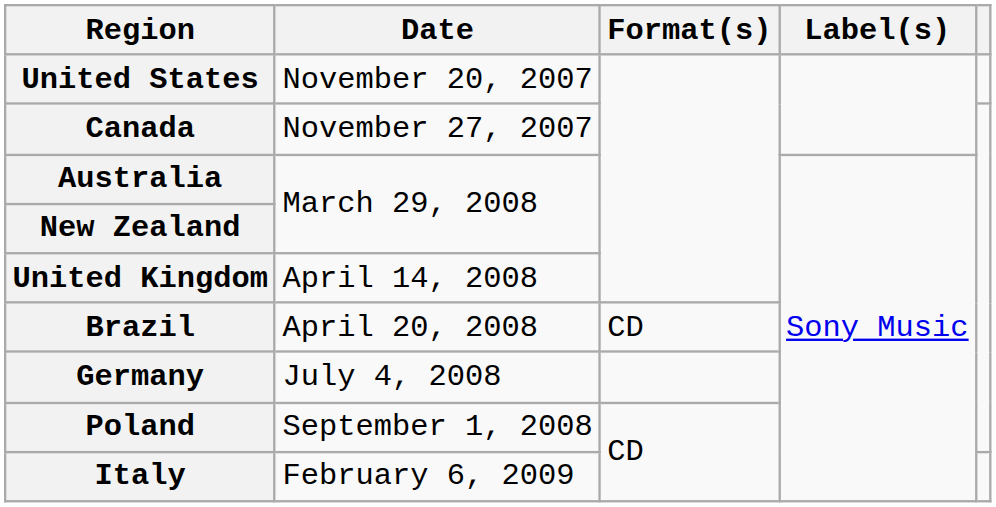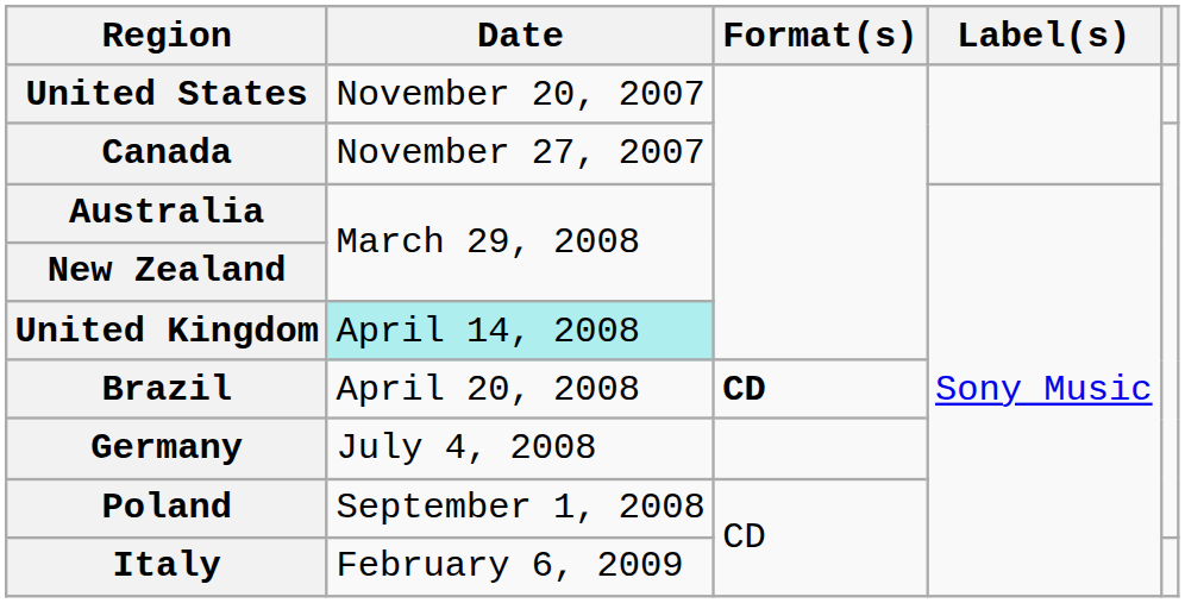 <table class="wikitable sortable plainrowheaders">
 <tr>
 <th scope="col">Region</th>
 <th scope="col">Date</th>
 <th scope="col">Format(s)</th>
 <th scope="col">Label(s)</th>
 <th scope="col"></th>
 </tr>
 <tr>
 <th scope="row">United States</th>
 <td>November 20, 2007</td>
 <td rowspan="5"></td>
 <td rowspan="2"></td>
 <td style="text-align:center;"></td>
 </tr>
 <tr>
 <th scope="row">Canada</th>
 <td>November 27, 2007</td>
 <td rowspan="7" style="text-align:center;"></td>
 </tr>
 <tr>
 <th scope="row">Australia</th>
 <td rowspan="2">March 29, 2008</td>
 <td rowspan="7" style="text-align:center;"><a href='#'>Sony Music</a></td>
 </tr>
 <tr>
 <th scope="row">New Zealand</th>
 </tr>
 <tr>
 <th scope="row">United Kingdom</th>
-<td>April 14, 2008</td>
+<td style="background: paleturquoise;">April 14, 2008</td>
 </tr>
 <tr>
 <th scope="row">Brazil</th>
 <td>April 20, 2008</td>
-<td>CD</td>
+<td><strong>CD</strong></td>
 </tr>
 <tr>
 <th scope="row">Germany</th>
 <td>July 4, 2008</td>
 <td></td>
 </tr>
 <tr>
 <th scope="row">Poland</th>
 <td>September 1, 2008</td>
 <td rowspan="2">CD</td>
 </tr>
 <tr>
 <th scope="row">Italy</th>
 <td>February 6, 2009</td>
 <td style="text-align:center;"></td>
 </tr>
 </table>
